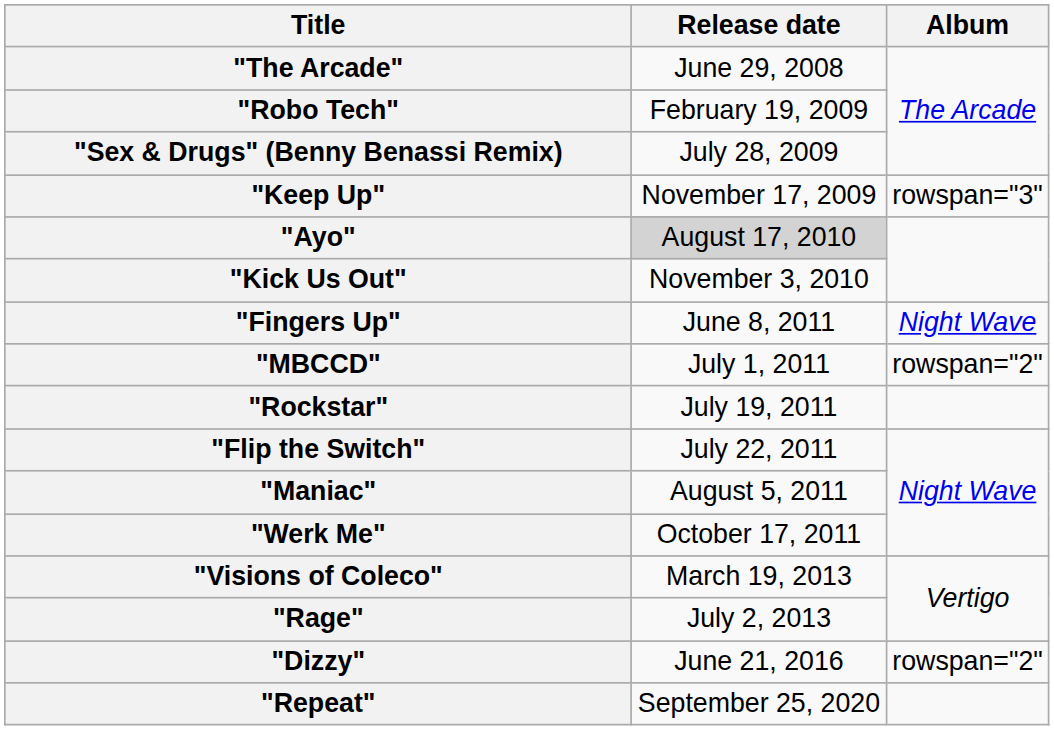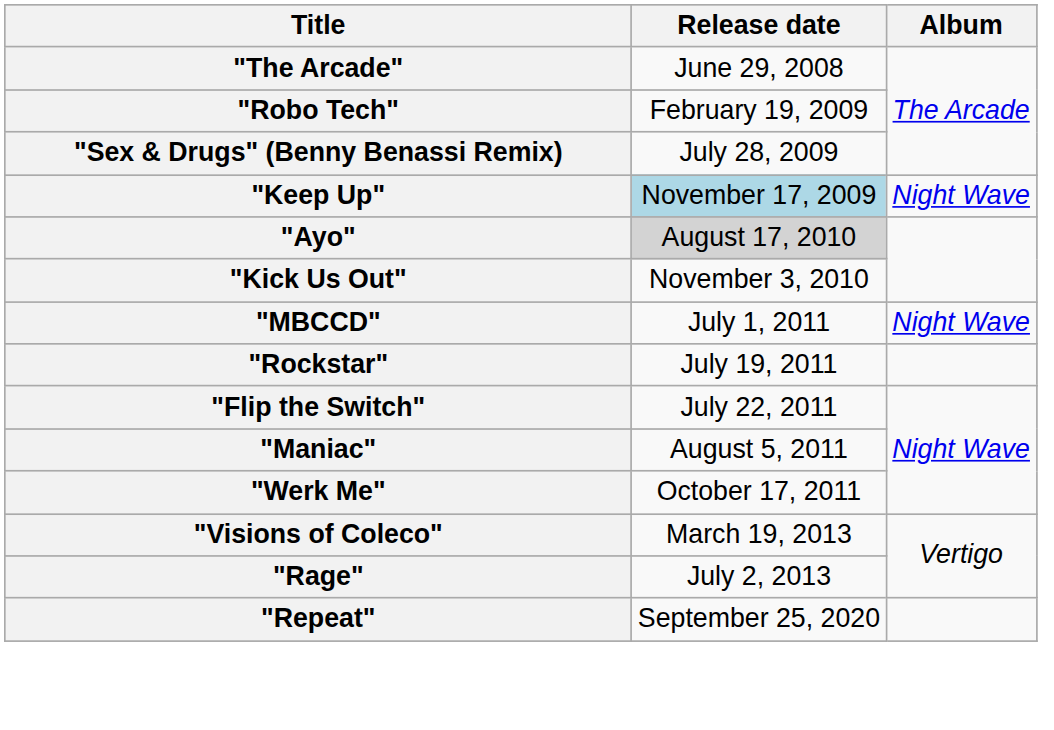 <table class="wikitable plainrowheaders" style="text-align:center;">
 <tr>
 <th scope="col" style="width:23em;">Title</th>
 <th scope="col">Release date</th>
 <th scope="col">Album</th>
 </tr>
 <tr>
 <th scope="row">"The Arcade"</th>
 <td>June 29, 2008</td>
 <td rowspan="3"><em><a href='#'>The Arcade</a></em></td>
 </tr>
 <tr>
 <th scope="row">"Robo Tech"</th>
 <td>February 19, 2009</td>
 </tr>
 <tr>
 <th scope="row">"Sex & Drugs" (Benny Benassi Remix)</th>
 <td>July 28, 2009</td>
 </tr>
 <tr>
 <th scope="row">"Keep Up"</th>
-<td>November 17, 2009</td>
-<td>rowspan="3" </td>
+<td style="background: lightblue;">November 17, 2009</td>
+<td><em><a href='#'>Night Wave</a></em></td>
 </tr>
 <tr>
 <th scope="row">"Ayo"</th>
 <td style="background: lightgrey;">August 17, 2010</td>
 </tr>
 <tr>
 <th scope="row">"Kick Us Out"</th>
 <td>November 3, 2010</td>
 </tr>
 <tr>
-<th scope="row">"Fingers Up"</th>
-<td>June 8, 2011</td>
-<td><em><a href='#'>Night Wave</a></em></td>
-</tr>
-<tr>
 <th scope="row">"MBCCD"</th>
 <td>July 1, 2011</td>
-<td>rowspan="2" </td>
+<td><em><a href='#'>Night Wave</a></em></td>
 </tr>
 <tr>
 <th scope="row">"Rockstar"</th>
 <td>July 19, 2011</td>
 </tr>
 <tr>
 <th scope="row">"Flip the Switch"</th>
 <td>July 22, 2011</td>
 <td rowspan="3"><em><a href='#'>Night Wave</a></em></td>
 </tr>
 <tr>
 <th scope="row">"Maniac"</th>
 <td>August 5, 2011</td>
 </tr>
 <tr>
 <th scope="row">"Werk Me"</th>
 <td>October 17, 2011</td>
 </tr>
 <tr>
 <th scope="row">"Visions of Coleco"</th>
 <td>March 19, 2013</td>
 <td rowspan="2"><em>Vertigo</em></td>
 </tr>
 <tr>
 <th scope="row">"Rage"</th>
 <td>July 2, 2013</td>
 </tr>
 <tr>
-<th scope="row">"Dizzy"</th>
-<td>June 21, 2016</td>
-<td>rowspan="2" </td>
-</tr>
-<tr>
 <th scope="row">"Repeat"</th>
 <td>September 25, 2020</td>
 </tr>
 </table>
